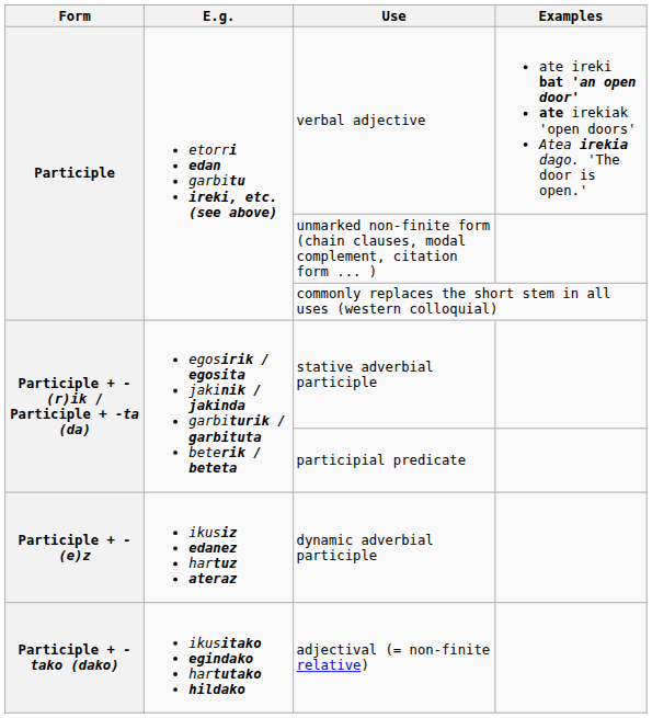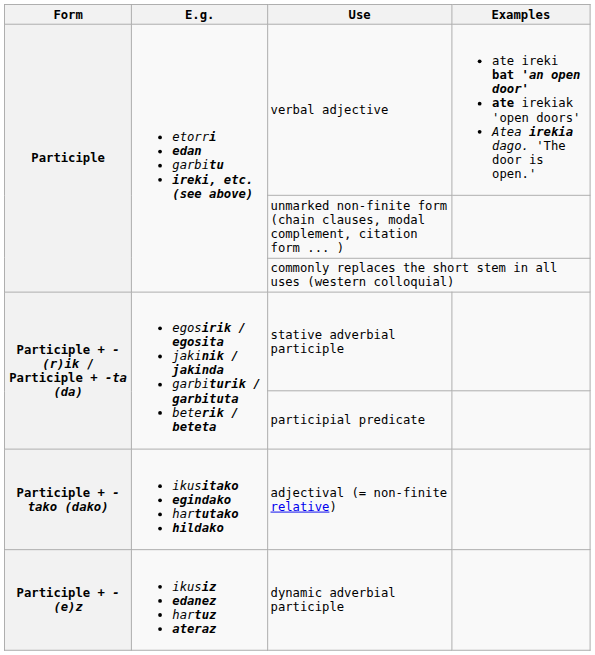 <table class="wikitable" style="margin: 1em auto 1em auto">
 <tr>
 <th align="center">Form</th>
 <th align="center">E.g.</th>
 <th align="center">Use</th>
 <th align="center">Examples</th>
 </tr>
 <tr>
 <th rowspan=3>Participle</th>
 <td rowspan=3><br><ul><li><em>etorr<strong>i<strong><em></li><li></em>eda</strong>n</em></strong></li><li><em>garbi<strong>tu<strong><em></li><li></em>ireki<em>, etc. (see above)</li></ul></td>
 <td>verbal adjective</td>
 <td><br><ul><li></em>ate </strong>ireki<strong> bat<em> 'an open door'</li><li></em>ate </strong>irekiak</em></strong> 'open doors'</li><li><em>Atea <strong>irekia</strong> dago.</em> 'The door is open.'</li></ul></td>
 </tr>
 <tr>
 <td>unmarked non-finite form (chain clauses, modal complement, citation form ... )</td>
 <td><br>  </td>
 </tr>
 <tr>
 <td colspan=2>commonly replaces the short stem in all uses (western colloquial)</td>
 </tr>
 <tr>
 <th rowspan=2>Participle + <em>-(r)ik</em> / Participle + <em>-ta (da)</em></th>
 <td rowspan=2><br><ul><li><em>egos<strong>irik<strong><em> / </em>egos</strong>ita</em></strong></li><li><em>jaki<strong>nik<strong><em> / </em>jaki</strong>nda</em></strong></li><li><em>garbi<strong>turik<strong><em> / </em>garbi</strong>tuta</em></strong></li><li><em>bete<strong>rik<strong><em> / </em>bete</strong>ta</em></strong></li></ul></td>
 <td>stative adverbial participle</td>
 <td></td>
 </tr>
 <tr>
 <td>participial predicate</td>
 <td></td>
 </tr>
 <tr>
+<th>Participle + <em>-tako (dako)</em></th>
+<td><br><ul><li><em>ikus<strong>itako<strong><em></li><li></em>egi</strong>ndako</em></strong></li><li><em>har<strong>tutako<strong><em></li><li></em>hil</strong>dako</em></strong></li></ul></td>
+<td>adjectival (= non-finite <a href='#'>relative</a>)</td>
+<td></td>
+</tr>
+<tr>
 <th>Participle + <em>-(e)z</em></th>
 <td><br><ul><li><em>ikus<strong>iz<strong><em></li><li></em>eda</strong>nez</em></strong></li><li><em>har<strong>tuz<strong><em></li><li></em>atera</strong>z</em></strong></li></ul></td>
 <td>dynamic adverbial participle</td>
 <td></td>
 </tr>
-<tr>
-<th>Participle + <em>-tako (dako)</em></th>
-<td><br><ul><li><em>ikus<strong>itako<strong><em></li><li></em>egi</strong>ndako</em></strong></li><li><em>har<strong>tutako<strong><em></li><li></em>hil</strong>dako</em></strong></li></ul></td>
-<td>adjectival (= non-finite <a href='#'>relative</a>)</td>
-<td></td>
-</tr>
 </table>
